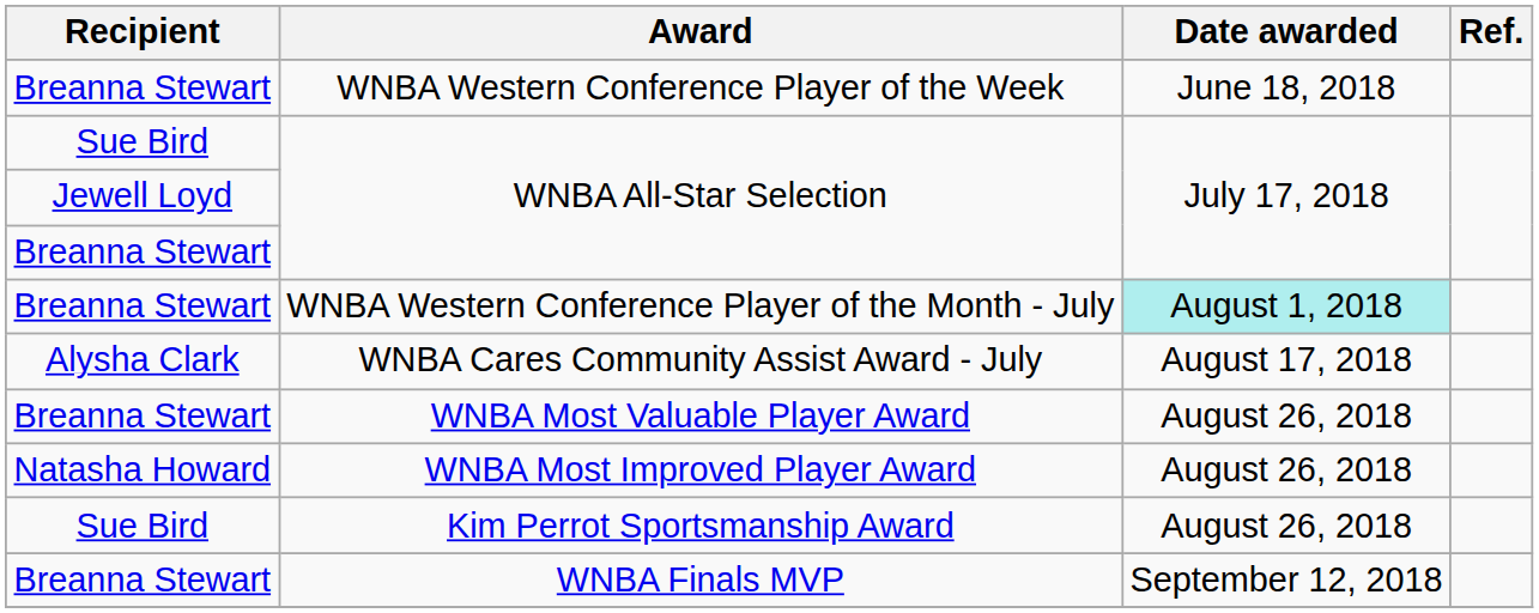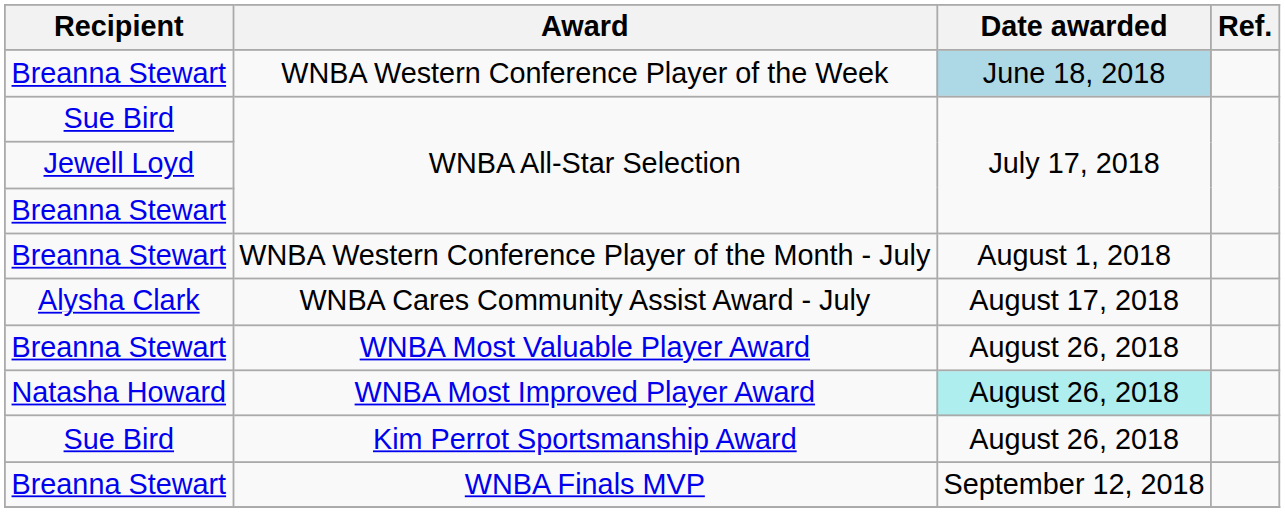 <table class="wikitable sortable sortable" style="text-align: center">
 <tr>
 <th>Recipient</th>
 <th>Award</th>
 <th>Date awarded</th>
 <th>Ref.</th>
 </tr>
 <tr>
 <td><a href='#'>Breanna Stewart</a></td>
 <td>WNBA Western Conference Player of the Week</td>
-<td>June 18, 2018</td>
+<td style="background: lightblue;">June 18, 2018</td>
 <td></td>
 </tr>
 <tr>
 <td><a href='#'>Sue Bird</a></td>
 <td rowspan="3">WNBA All-Star Selection</td>
 <td rowspan="3">July 17, 2018</td>
 <td rowspan="3"></td>
 </tr>
 <tr>
 <td><a href='#'>Jewell Loyd</a></td>
 </tr>
 <tr>
 <td><a href='#'>Breanna Stewart</a></td>
 </tr>
 <tr>
 <td><a href='#'>Breanna Stewart</a></td>
 <td>WNBA Western Conference Player of the Month - July</td>
-<td style="background: paleturquoise;">August 1, 2018</td>
+<td>August 1, 2018</td>
 <td></td>
 </tr>
 <tr>
 <td><a href='#'>Alysha Clark</a></td>
 <td>WNBA Cares Community Assist Award - July</td>
 <td>August 17, 2018</td>
 <td></td>
 </tr>
 <tr>
 <td><a href='#'>Breanna Stewart</a></td>
 <td><a href='#'>WNBA Most Valuable Player Award</a></td>
 <td>August 26, 2018</td>
 <td></td>
 </tr>
 <tr>
 <td><a href='#'>Natasha Howard</a></td>
 <td><a href='#'>WNBA Most Improved Player Award</a></td>
-<td>August 26, 2018</td>
+<td style="background: paleturquoise;">August 26, 2018</td>
 <td></td>
 </tr>
 <tr>
 <td><a href='#'>Sue Bird</a></td>
 <td><a href='#'>Kim Perrot Sportsmanship Award</a></td>
 <td>August 26, 2018</td>
 <td></td>
 </tr>
 <tr>
 <td><a href='#'>Breanna Stewart</a></td>
 <td><a href='#'>WNBA Finals MVP</a></td>
 <td>September 12, 2018</td>
 <td></td>
 </tr>
 <tr>
 </tr>
 </table>
